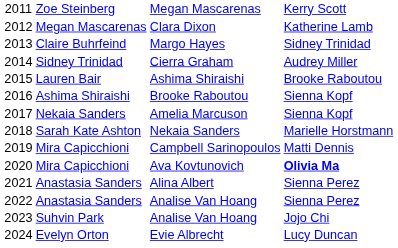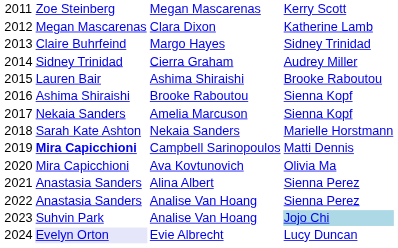 <table>
 <tr>
 <td style="text-align:center;">2011</td>
 <td><a href='#'>Zoe Steinberg</a></td>
 <td><a href='#'>Megan Mascarenas</a></td>
 <td><a href='#'>Kerry Scott</a></td>
 </tr>
 <tr>
 <td style="text-align:center;">2012</td>
 <td><a href='#'>Megan Mascarenas</a></td>
 <td><a href='#'>Clara Dixon</a></td>
 <td><a href='#'>Katherine Lamb</a></td>
 </tr>
 <tr>
 <td style="text-align:center;">2013</td>
 <td><a href='#'>Claire Buhrfeind</a></td>
 <td><a href='#'>Margo Hayes</a></td>
 <td><a href='#'>Sidney Trinidad</a></td>
 </tr>
 <tr>
 <td style="text-align:center;">2014</td>
 <td><a href='#'>Sidney Trinidad</a></td>
 <td><a href='#'>Cierra Graham</a></td>
 <td><a href='#'>Audrey Miller</a></td>
 </tr>
 <tr>
 <td style="text-align:center;">2015</td>
 <td><a href='#'>Lauren Bair</a></td>
 <td><a href='#'>Ashima Shiraishi</a></td>
 <td><a href='#'>Brooke Raboutou</a></td>
 </tr>
 <tr>
 <td style="text-align:center;">2016</td>
 <td><a href='#'>Ashima Shiraishi</a></td>
 <td><a href='#'>Brooke Raboutou</a></td>
 <td><a href='#'>Sienna Kopf</a></td>
 </tr>
 <tr>
 <td style="text-align:center;">2017</td>
 <td><a href='#'>Nekaia Sanders</a></td>
 <td><a href='#'>Amelia Marcuson</a></td>
 <td><a href='#'>Sienna Kopf</a></td>
 </tr>
 <tr>
 <td style="text-align:center;">2018</td>
 <td><a href='#'>Sarah Kate Ashton</a></td>
 <td><a href='#'>Nekaia Sanders</a></td>
 <td><a href='#'>Marielle Horstmann</a></td>
 </tr>
 <tr>
 <td style="text-align:center;">2019</td>
-<td><a href='#'>Mira Capicchioni</a></td>
+<td><strong><a href='#'>Mira Capicchioni</a></strong></td>
 <td><a href='#'>Campbell Sarinopoulos</a></td>
 <td><a href='#'>Matti Dennis</a></td>
 </tr>
 <tr>
 <td style="text-align:center;">2020</td>
 <td><a href='#'>Mira Capicchioni</a></td>
 <td><a href='#'>Ava Kovtunovich</a></td>
-<td><strong><a href='#'>Olivia Ma</a></strong></td>
+<td><a href='#'>Olivia Ma</a></td>
 </tr>
 <tr>
 <td style="text-align:center;">2021</td>
 <td><a href='#'>Anastasia Sanders</a></td>
 <td><a href='#'>Alina Albert</a></td>
 <td><a href='#'>Sienna Perez</a></td>
 </tr>
 <tr>
 <td style="text-align:center;">2022</td>
 <td><a href='#'>Anastasia Sanders</a></td>
 <td><a href='#'>Analise Van Hoang</a></td>
 <td><a href='#'>Sienna Perez</a></td>
 </tr>
 <tr>
 <td style="text-align:center;">2023</td>
 <td><a href='#'>Suhvin Park</a></td>
 <td><a href='#'>Analise Van Hoang</a></td>
-<td><a href='#'>Jojo Chi</a></td>
+<td style="background: lightblue;"><a href='#'>Jojo Chi</a></td>
 </tr>
 <tr>
 <td style="text-align:center;">2024</td>
-<td><a href='#'>Evelyn Orton</a></td>
+<td style="background: lavender;"><a href='#'>Evelyn Orton</a></td>
 <td><a href='#'>Evie Albrecht</a></td>
 <td><a href='#'>Lucy Duncan</a></td>
 </tr>
 </table>
